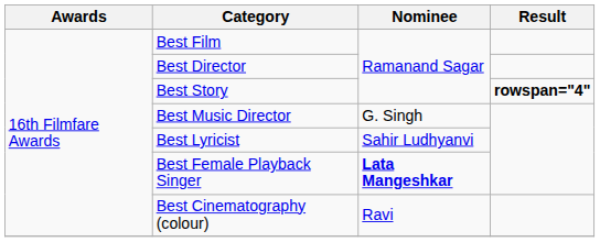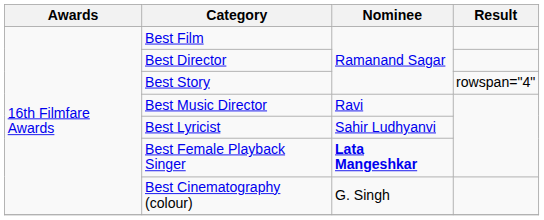 <table class="wikitable">
 <tr>
 <th>Awards</th>
 <th>Category</th>
 <th>Nominee</th>
 <th>Result</th>
 </tr>
 <tr>
 <td rowspan="7"><a href='#'>16th Filmfare Awards</a></td>
 <td><a href='#'>Best Film</a></td>
 <td rowspan="3"><a href='#'>Ramanand Sagar</a></td>
 <td></td>
 </tr>
 <tr>
 <td><a href='#'>Best Director</a></td>
 <td></td>
 </tr>
 <tr>
 <td><a href='#'>Best Story</a></td>
-<td><strong>rowspan="4" </strong></td>
+<td>rowspan="4" </td>
 </tr>
 <tr>
 <td><a href='#'>Best Music Director</a></td>
-<td>G. Singh</td>
+<td><a href='#'>Ravi</a></td>
 </tr>
 <tr>
 <td><a href='#'>Best Lyricist</a></td>
 <td><a href='#'>Sahir Ludhyanvi</a></td>
 </tr>
 <tr>
 <td><a href='#'>Best Female Playback Singer</a></td>
 <td><strong><a href='#'>Lata Mangeshkar</a></strong></td>
 </tr>
 <tr>
 <td><a href='#'>Best Cinematography</a><br>(colour)</td>
-<td><a href='#'>Ravi</a></td>
+<td>G. Singh</td>
 <td></td>
 </tr>
 <tr>
 </tr>
 </table>
